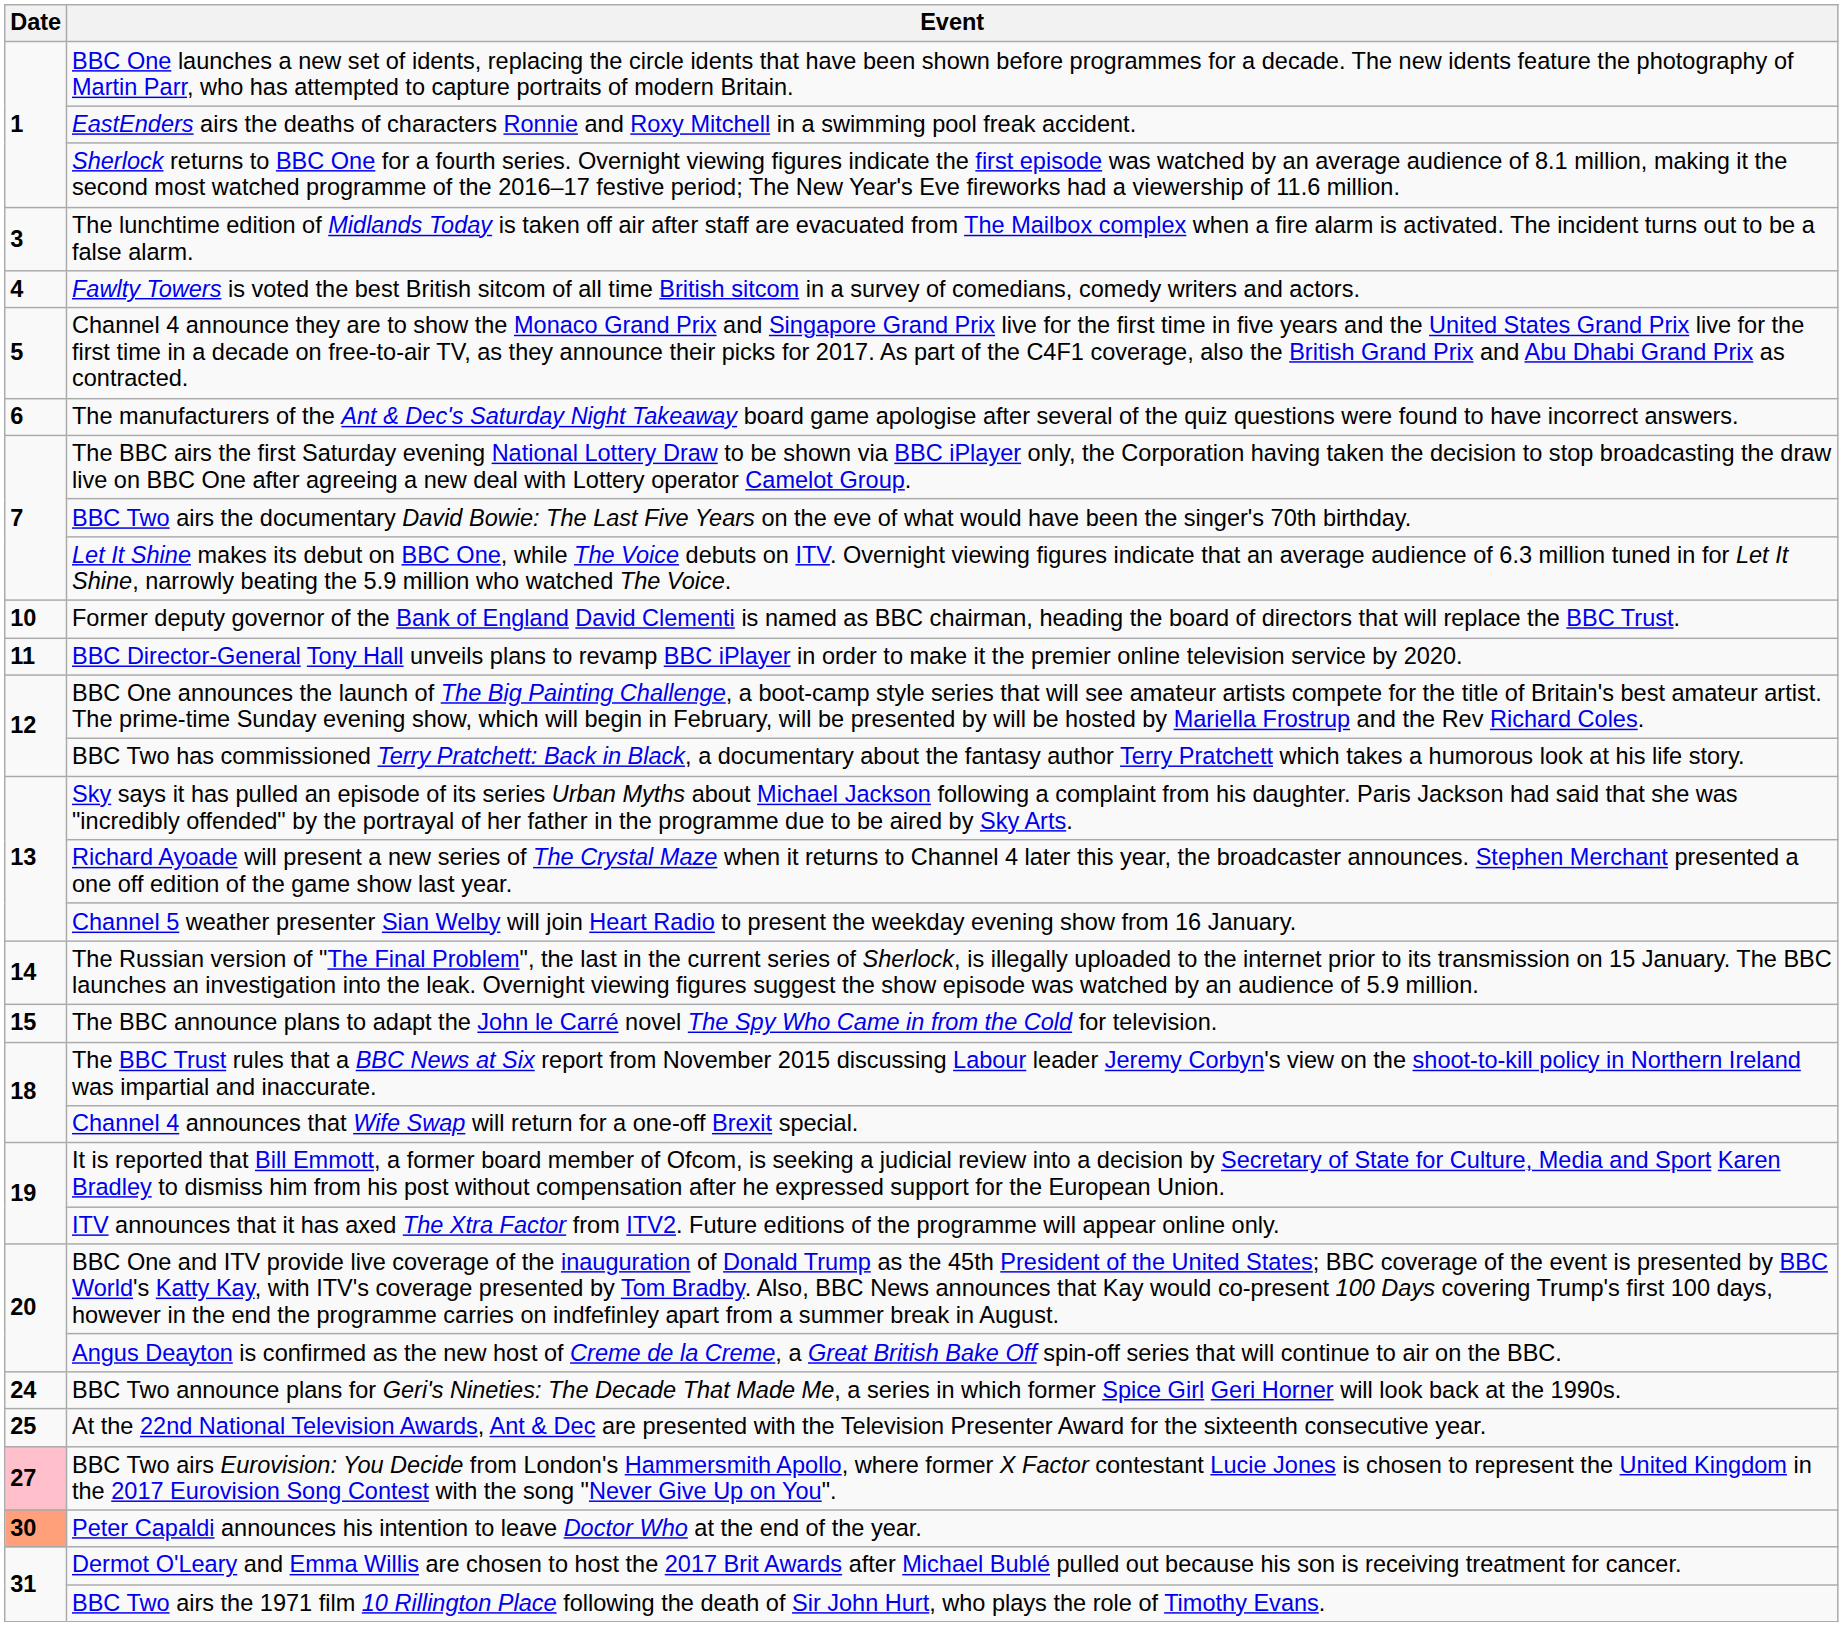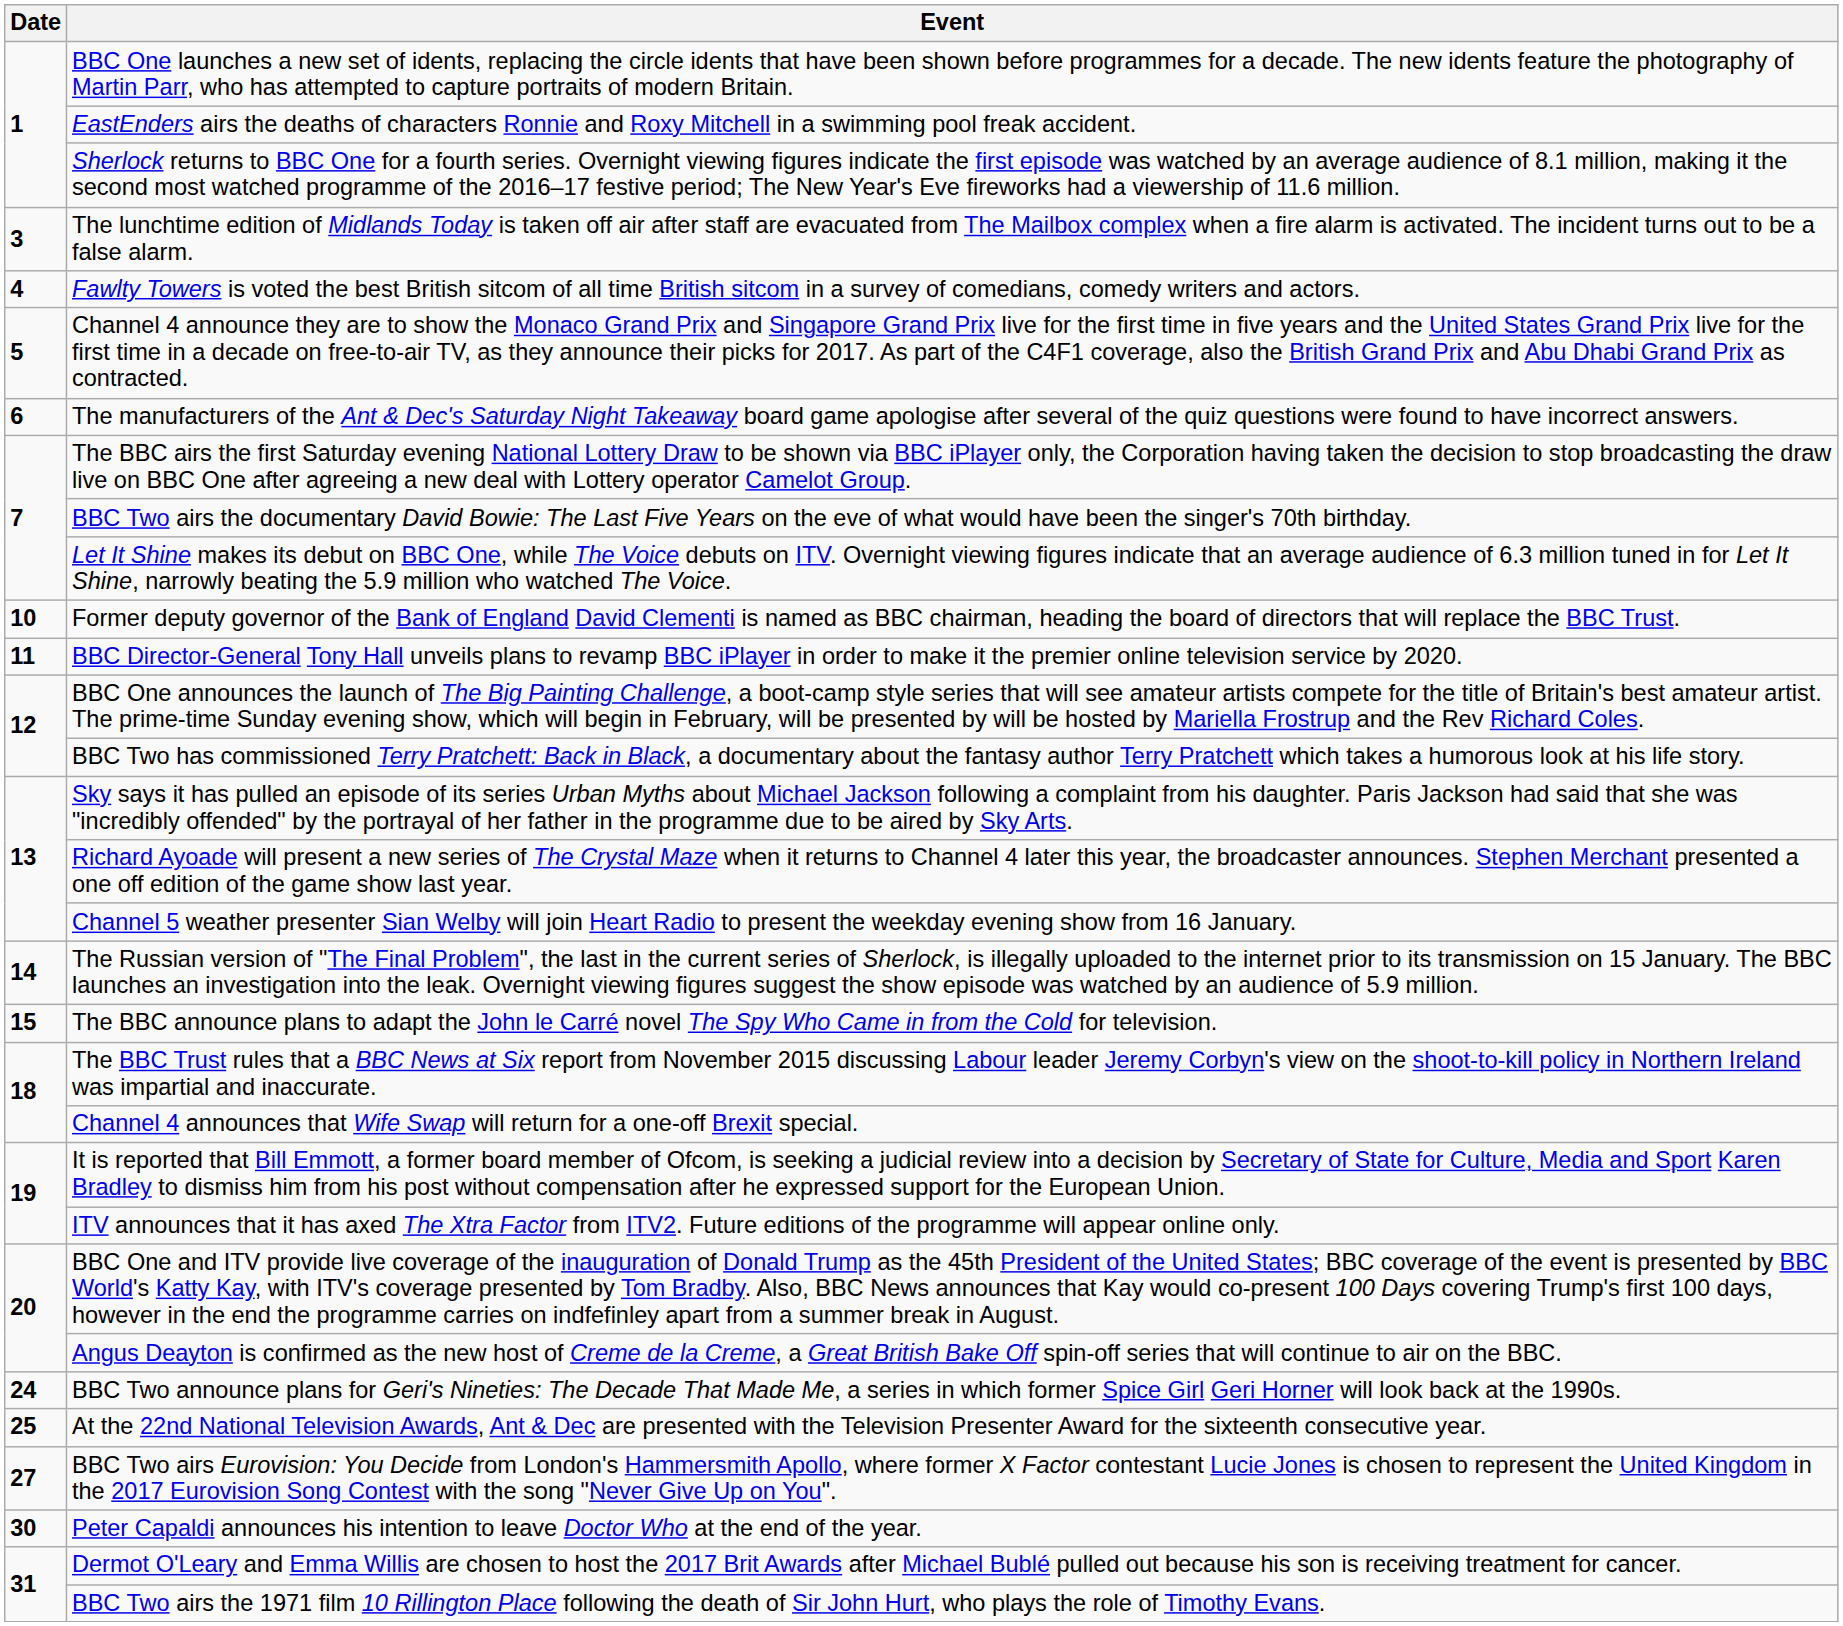 <table class="wikitable">
 <tr>
 <th>Date</th>
 <th>Event</th>
 </tr>
 <tr>
 <td rowspan=3><strong>1</strong></td>
 <td><a href='#'>BBC One</a> launches a new set of idents, replacing the circle idents that have been shown before programmes for a decade. The new idents feature the photography of <a href='#'>Martin Parr</a>, who has attempted to capture portraits of modern Britain.</td>
 </tr>
 <tr>
 <td><em><a href='#'>EastEnders</a></em> airs the deaths of characters <a href='#'>Ronnie</a> and <a href='#'>Roxy Mitchell</a> in a swimming pool freak accident.</td>
 </tr>
 <tr>
 <td><em><a href='#'>Sherlock</a></em> returns to <a href='#'>BBC One</a> for a fourth series. Overnight viewing figures indicate the <a href='#'>first episode</a> was watched by an average audience of 8.1 million, making it the second most watched programme of the 2016–17 festive period; The New Year's Eve fireworks had a viewership of 11.6 million.</td>
 </tr>
 <tr>
 <td><strong>3</strong></td>
 <td>The lunchtime edition of <em><a href='#'>Midlands Today</a></em> is taken off air after staff are evacuated from <a href='#'>The Mailbox complex</a> when a fire alarm is activated. The incident turns out to be a false alarm.</td>
 </tr>
 <tr>
 <td><strong>4</strong></td>
 <td><em><a href='#'>Fawlty Towers</a></em> is voted the best British sitcom of all time <a href='#'>British sitcom</a> in a survey of comedians, comedy writers and actors.</td>
 </tr>
 <tr>
 <td><strong>5</strong></td>
 <td>Channel 4 announce they are to show the <a href='#'>Monaco Grand Prix</a> and <a href='#'>Singapore Grand Prix</a> live for the first time in five years and the <a href='#'>United States Grand Prix</a> live for the first time in a decade on free-to-air TV, as they announce their picks for 2017. As part of the C4F1 coverage, also the <a href='#'>British Grand Prix</a> and <a href='#'>Abu Dhabi Grand Prix</a> as contracted.</td>
 </tr>
 <tr>
 <td><strong>6</strong></td>
 <td>The manufacturers of the <em><a href='#'>Ant & Dec's Saturday Night Takeaway</a></em> board game apologise after several of the quiz questions were found to have incorrect answers.</td>
 </tr>
 <tr>
 <td rowspan=3><strong>7</strong></td>
 <td>The BBC airs the first Saturday evening <a href='#'>National Lottery Draw</a> to be shown via <a href='#'>BBC iPlayer</a> only, the Corporation having taken the decision to stop broadcasting the draw live on BBC One after agreeing a new deal with Lottery operator <a href='#'>Camelot Group</a>.</td>
 </tr>
 <tr>
 <td><a href='#'>BBC Two</a> airs the documentary <em>David Bowie: The Last Five Years</em> on the eve of what would have been the singer's 70th birthday.</td>
 </tr>
 <tr>
 <td><em><a href='#'>Let It Shine</a></em> makes its debut on <a href='#'>BBC One</a>, while <em><a href='#'>The Voice</a></em> debuts on <a href='#'>ITV</a>. Overnight viewing figures indicate that an average audience of 6.3 million tuned in for <em>Let It Shine</em>, narrowly beating the 5.9 million who watched <em>The Voice</em>.</td>
 </tr>
 <tr>
 <td><strong>10</strong></td>
 <td>Former deputy governor of the <a href='#'>Bank of England</a> <a href='#'>David Clementi</a> is named as BBC chairman, heading the board of directors that will replace the <a href='#'>BBC Trust</a>.</td>
 </tr>
 <tr>
 <td><strong>11</strong></td>
 <td><a href='#'>BBC Director-General</a> <a href='#'>Tony Hall</a> unveils plans to revamp <a href='#'>BBC iPlayer</a> in order to make it the premier online television service by 2020.</td>
 </tr>
 <tr>
 <td rowspan=2><strong>12</strong></td>
 <td>BBC One announces the launch of <em><a href='#'>The Big Painting Challenge</a></em>, a boot-camp style series that will see amateur artists compete for the title of Britain's best amateur artist. The prime-time Sunday evening show, which will begin in February, will be presented by will be hosted by <a href='#'>Mariella Frostrup</a> and the Rev <a href='#'>Richard Coles</a>.</td>
 </tr>
 <tr>
 <td>BBC Two has commissioned <em><a href='#'>Terry Pratchett: Back in Black</a></em>, a documentary about the fantasy author <a href='#'>Terry Pratchett</a> which takes a humorous look at his life story.</td>
 </tr>
 <tr>
 <td rowspan=3><strong>13</strong></td>
 <td><a href='#'>Sky</a> says it has pulled an episode of its series <em>Urban Myths</em> about <a href='#'>Michael Jackson</a> following a complaint from his daughter. Paris Jackson had said that she was "incredibly offended" by the portrayal of her father in the programme due to be aired by <a href='#'>Sky Arts</a>.</td>
 </tr>
 <tr>
 <td><a href='#'>Richard Ayoade</a> will present a new series of <em><a href='#'>The Crystal Maze</a></em> when it returns to Channel 4 later this year, the broadcaster announces. <a href='#'>Stephen Merchant</a> presented a one off edition of the game show last year.</td>
 </tr>
 <tr>
 <td><a href='#'>Channel 5</a> weather presenter <a href='#'>Sian Welby</a> will join <a href='#'>Heart Radio</a> to present the weekday evening show from 16 January.</td>
 </tr>
 <tr>
 <td><strong>14</strong></td>
 <td>The Russian version of "<a href='#'>The Final Problem</a>", the last in the current series of <em>Sherlock</em>, is illegally uploaded to the internet prior to its transmission on 15 January. The BBC launches an investigation into the leak. Overnight viewing figures suggest the show episode was watched by an audience of 5.9 million.</td>
 </tr>
 <tr>
 <td><strong>15</strong></td>
 <td>The BBC announce plans to adapt the <a href='#'>John le Carré</a> novel <em><a href='#'>The Spy Who Came in from the Cold</a></em> for television.</td>
 </tr>
 <tr>
 <td rowspan=2><strong>18</strong></td>
 <td>The <a href='#'>BBC Trust</a> rules that a <em><a href='#'>BBC News at Six</a></em> report from November 2015 discussing <a href='#'>Labour</a> leader <a href='#'>Jeremy Corbyn</a>'s view on the <a href='#'>shoot-to-kill policy in Northern Ireland</a> was impartial and inaccurate.</td>
 </tr>
 <tr>
 <td><a href='#'>Channel 4</a> announces that <em><a href='#'>Wife Swap</a></em> will return for a one-off <a href='#'>Brexit</a> special.</td>
 </tr>
 <tr>
 <td rowspan=2><strong>19</strong></td>
 <td>It is reported that <a href='#'>Bill Emmott</a>, a former board member of Ofcom, is seeking a judicial review into a decision by <a href='#'>Secretary of State for Culture, Media and Sport</a> <a href='#'>Karen Bradley</a> to dismiss him from his post without compensation after he expressed support for the European Union.</td>
 </tr>
 <tr>
 <td><a href='#'>ITV</a> announces that it has axed <em><a href='#'>The Xtra Factor</a></em> from <a href='#'>ITV2</a>. Future editions of the programme will appear online only.</td>
 </tr>
 <tr>
 <td rowspan=2><strong>20</strong></td>
 <td>BBC One and ITV provide live coverage of the <a href='#'>inauguration</a> of <a href='#'>Donald Trump</a> as the 45th <a href='#'>President of the United States</a>; BBC coverage of the event is presented by <a href='#'>BBC World</a>'s <a href='#'>Katty Kay</a>, with ITV's coverage presented by <a href='#'>Tom Bradby</a>. Also, BBC News announces that Kay would co-present <em>100 Days</em> covering Trump's first 100 days, however in the end the programme carries on indfefinley apart from a summer break in August.</td>
 </tr>
 <tr>
 <td><a href='#'>Angus Deayton</a> is confirmed as the new host of <em><a href='#'>Creme de la Creme</a></em>, a <em><a href='#'>Great British Bake Off</a></em> spin-off series that will continue to air on the BBC.</td>
 </tr>
 <tr>
 <td><strong>24</strong></td>
 <td>BBC Two announce plans for <em>Geri's Nineties: The Decade That Made Me</em>, a series in which former <a href='#'>Spice Girl</a> <a href='#'>Geri Horner</a> will look back at the 1990s.</td>
 </tr>
 <tr>
 <td><strong>25</strong></td>
 <td>At the <a href='#'>22nd National Television Awards</a>, <a href='#'>Ant & Dec</a> are presented with the Television Presenter Award for the sixteenth consecutive year.</td>
 </tr>
 <tr>
-<td style="background: pink;"><strong>27</strong></td>
+<td><strong>27</strong></td>
 <td>BBC Two airs <em>Eurovision: You Decide</em> from London's <a href='#'>Hammersmith Apollo</a>, where former <em>X Factor</em> contestant <a href='#'>Lucie Jones</a> is chosen to represent the <a href='#'>United Kingdom</a> in the <a href='#'>2017 Eurovision Song Contest</a> with the song "<a href='#'>Never Give Up on You</a>".</td>
 </tr>
 <tr>
-<td style="background: lightsalmon;"><strong>30</strong></td>
+<td><strong>30</strong></td>
 <td><a href='#'>Peter Capaldi</a> announces his intention to leave <em><a href='#'>Doctor Who</a></em> at the end of the year.</td>
 </tr>
 <tr>
 <td rowspan=2><strong>31</strong></td>
 <td><a href='#'>Dermot O'Leary</a> and <a href='#'>Emma Willis</a> are chosen to host the <a href='#'>2017 Brit Awards</a> after <a href='#'>Michael Bublé</a> pulled out because his son is receiving treatment for cancer.</td>
 </tr>
 <tr>
 <td><a href='#'>BBC Two</a> airs the 1971 film <em><a href='#'>10 Rillington Place</a></em> following the death of <a href='#'>Sir John Hurt</a>, who plays the role of <a href='#'>Timothy Evans</a>.</td>
 </tr>
 </table>
